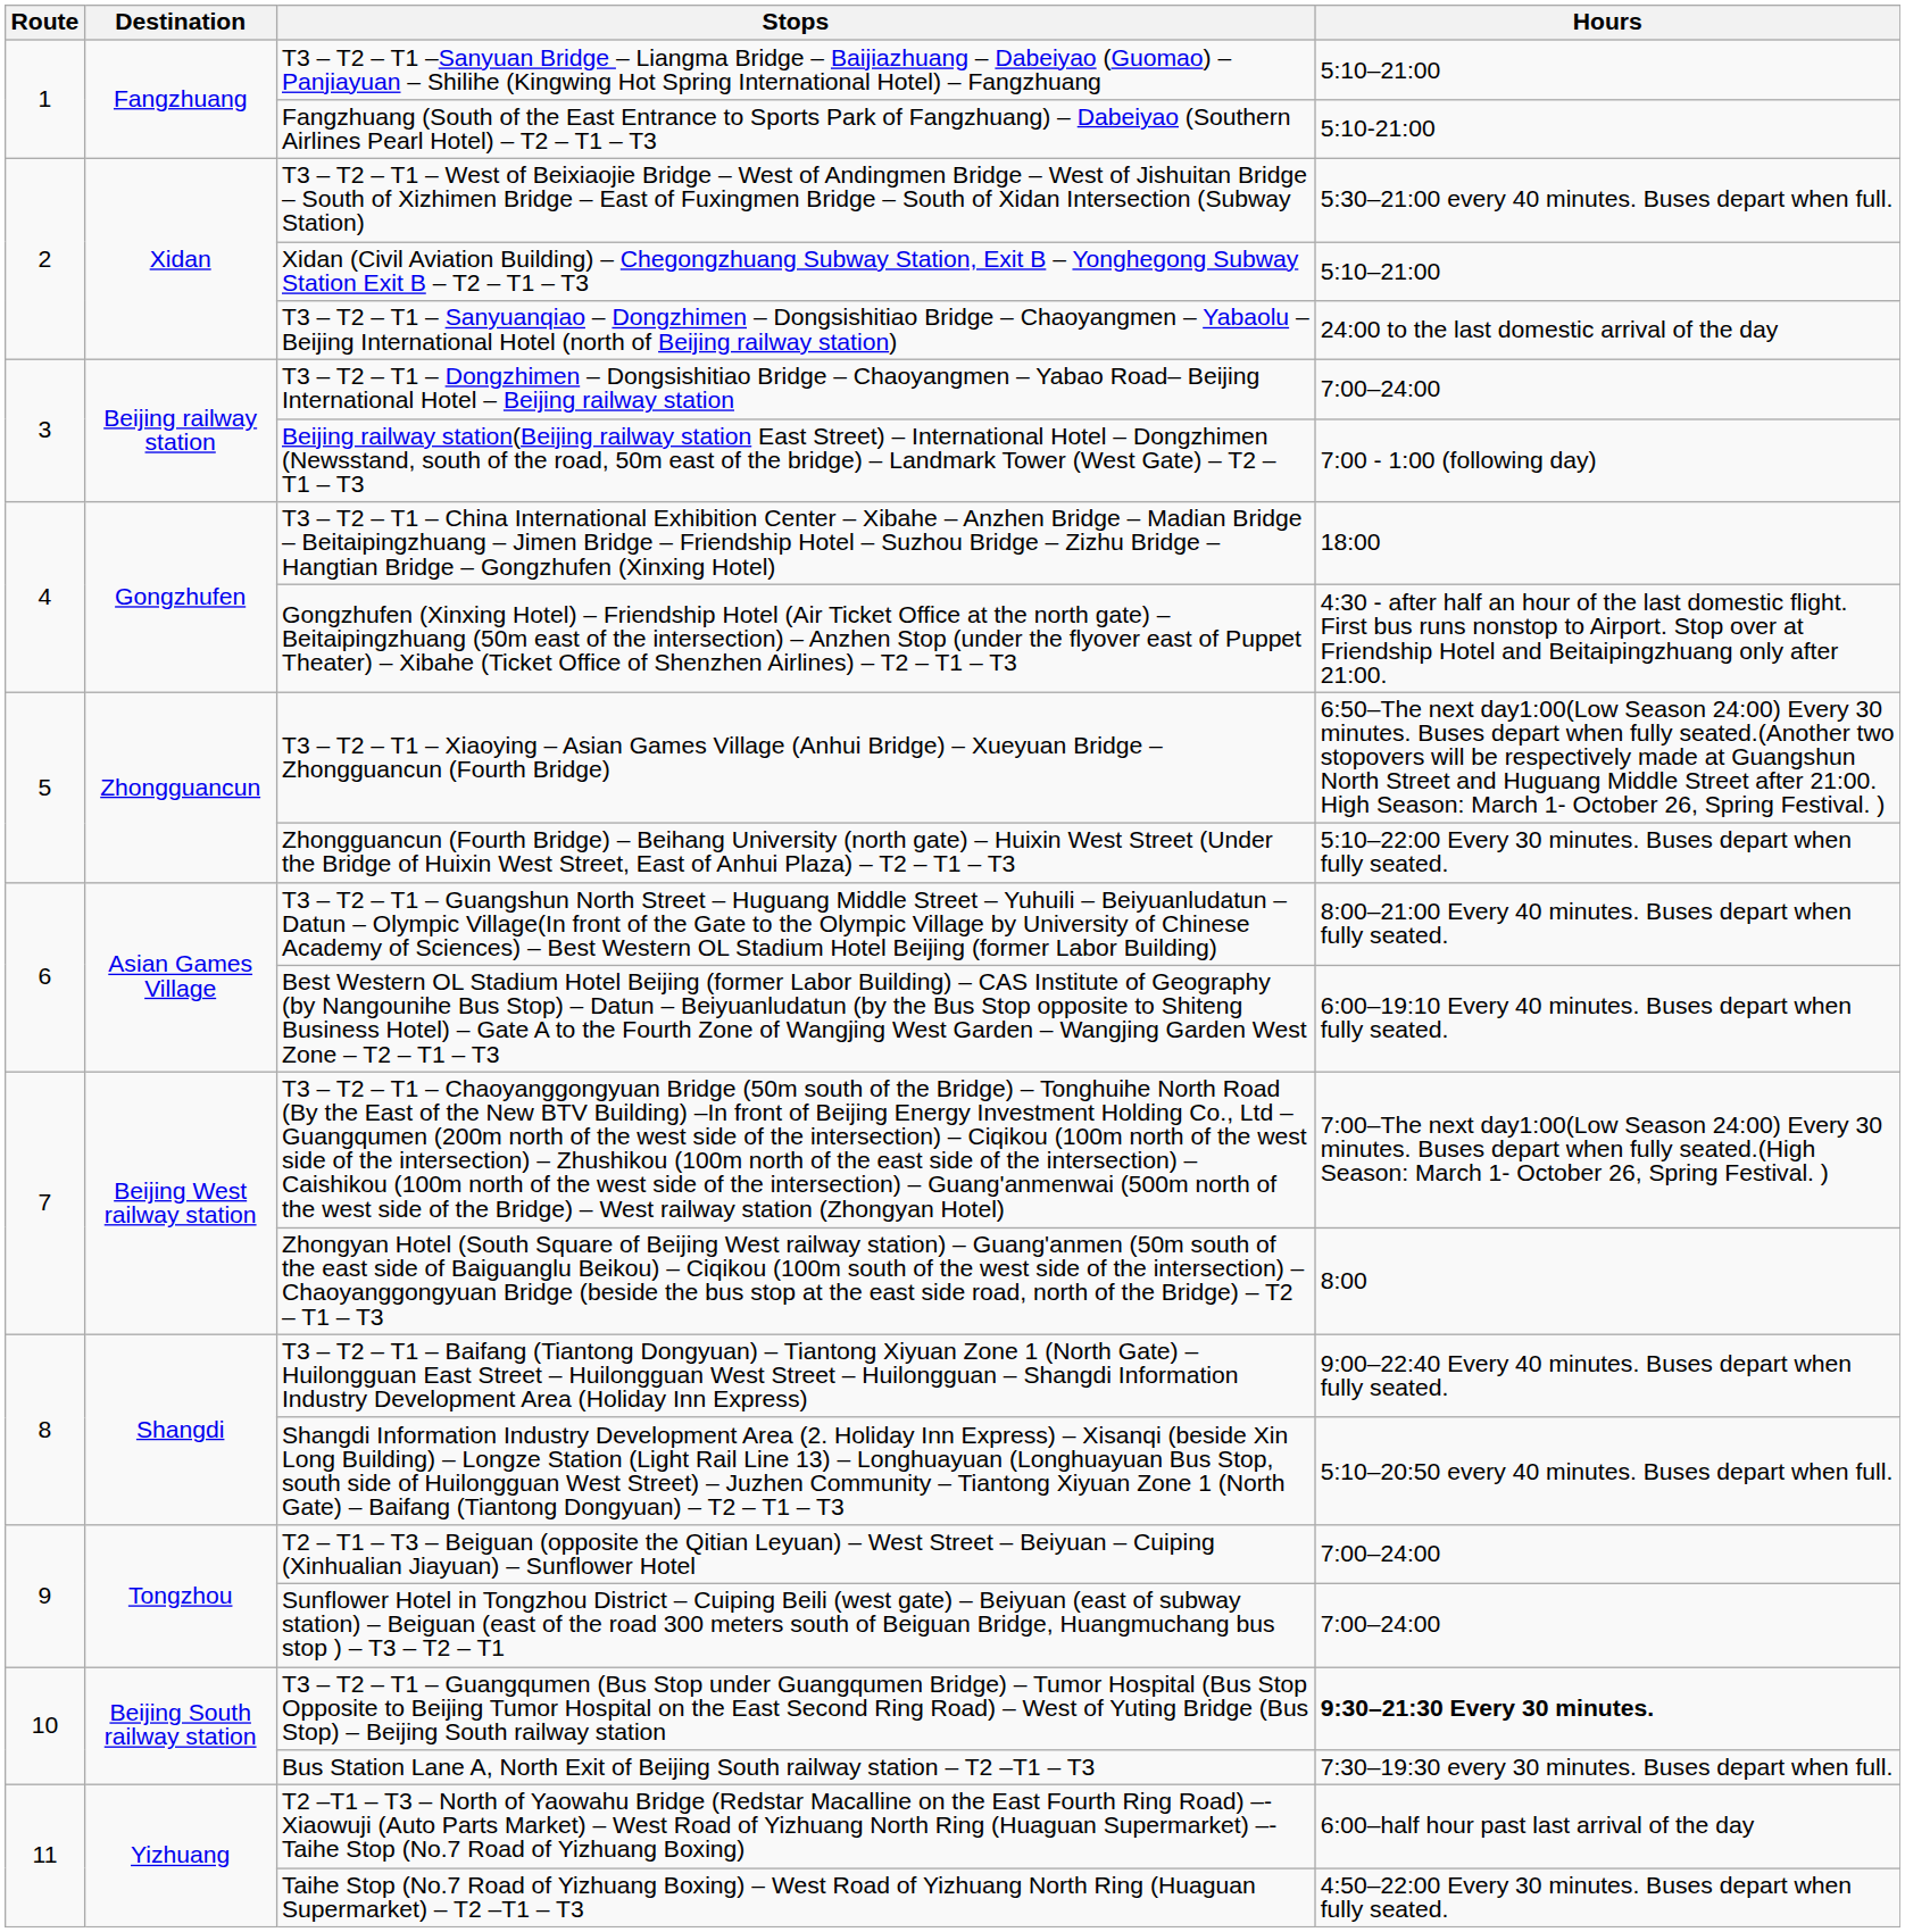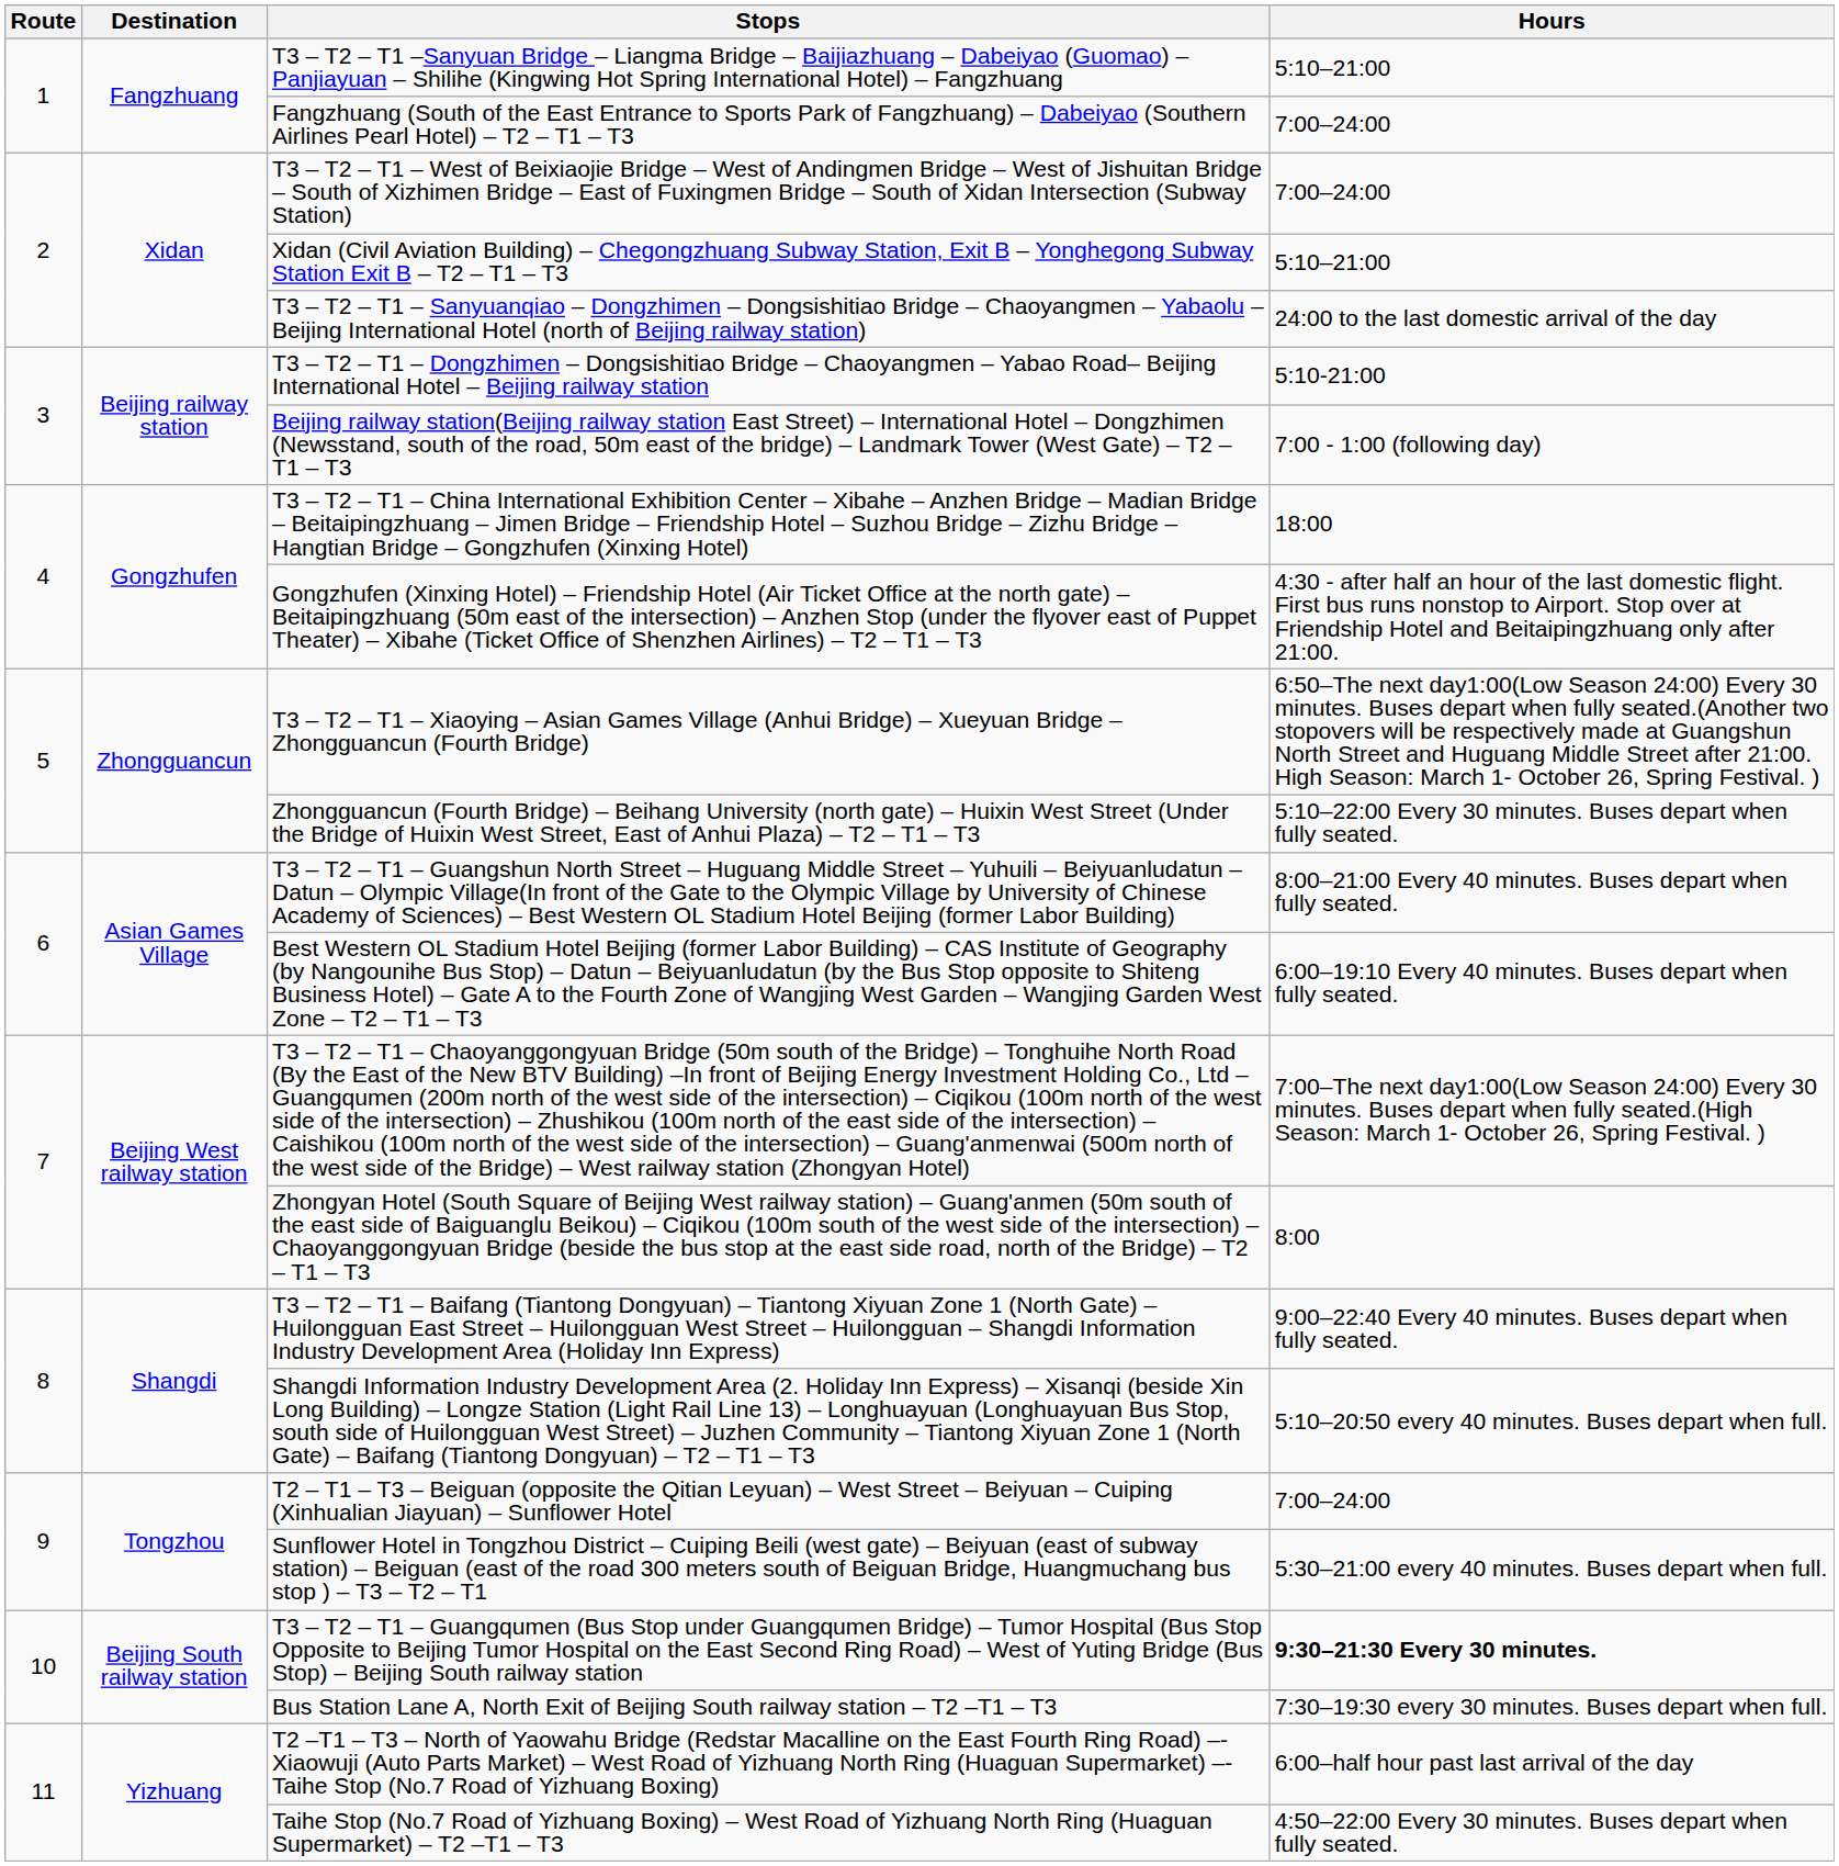 <table class ="wikitable" width="100%" style="line-height:1">
 <tr>
 <th>Route</th>
 <th>Destination</th>
 <th>Stops</th>
 <th>Hours</th>
 </tr>
 <tr>
 <td style="text-align:center;" rowspan="2">1</td>
 <td style="text-align:center;" rowspan="2"><a href='#'>Fangzhuang</a></td>
 <td>T3 – T2 – T1 –<a href='#'>Sanyuan Bridge </a>– Liangma Bridge – <a href='#'>Baijiazhuang</a> – <a href='#'>Dabeiyao</a> (<a href='#'>Guomao</a>) – <a href='#'>Panjiayuan</a> – Shilihe (Kingwing Hot Spring International Hotel) – Fangzhuang</td>
 <td>5:10–21:00</td>
 </tr>
 <tr>
 <td>Fangzhuang (South of the East Entrance to Sports Park of Fangzhuang) – <a href='#'>Dabeiyao</a> (Southern Airlines Pearl Hotel) – T2 – T1 – T3</td>
-<td>5:10-21:00</td>
+<td>7:00–24:00</td>
 </tr>
 <tr>
 <td style="text-align:center;" rowspan="3">2</td>
 <td style="text-align:center;" rowspan="3"><a href='#'>Xidan</a></td>
 <td>T3 – T2 – T1 – West of Beixiaojie Bridge – West of Andingmen Bridge – West of Jishuitan Bridge – South of Xizhimen Bridge – East of Fuxingmen Bridge – South of Xidan Intersection (Subway Station)</td>
-<td>5:30–21:00 every 40 minutes. Buses depart when full.</td>
+<td>7:00–24:00</td>
 </tr>
 <tr>
 <td>Xidan (Civil Aviation Building) – <a href='#'>Chegongzhuang Subway Station, Exit B</a> – <a href='#'>Yonghegong Subway Station Exit B</a> – T2 – T1 – T3</td>
 <td>5:10–21:00</td>
 </tr>
 <tr>
 <td>T3 – T2 – T1 – <a href='#'>Sanyuanqiao</a> – <a href='#'>Dongzhimen</a> – Dongsishitiao Bridge – Chaoyangmen – <a href='#'>Yabaolu</a> – Beijing International Hotel (north of <a href='#'>Beijing railway station</a>)</td>
 <td>24:00 to the last domestic arrival of the day</td>
 </tr>
 <tr>
 <td style="text-align:center;" rowspan="2">3</td>
 <td style="text-align:center;" rowspan="2"><a href='#'>Beijing railway station</a></td>
 <td>T3 – T2 – T1 – <a href='#'>Dongzhimen</a> – Dongsishitiao Bridge – Chaoyangmen – Yabao Road– Beijing International Hotel – <a href='#'>Beijing railway station</a></td>
-<td>7:00–24:00</td>
+<td>5:10-21:00</td>
 </tr>
 <tr>
 <td><a href='#'>Beijing railway station</a>(<a href='#'>Beijing railway station</a> East Street) – International Hotel – Dongzhimen (Newsstand, south of the road, 50m east of the bridge) – Landmark Tower (West Gate) – T2 – T1 – T3</td>
 <td>7:00 - 1:00 (following day)</td>
 </tr>
 <tr>
 <td style="text-align:center;" rowspan="2">4</td>
 <td style="text-align:center;" rowspan="2"><a href='#'>Gongzhufen</a></td>
 <td>T3 – T2 – T1 – China International Exhibition Center – Xibahe – Anzhen Bridge – Madian Bridge – Beitaipingzhuang – Jimen Bridge – Friendship Hotel – Suzhou Bridge – Zizhu Bridge – Hangtian Bridge – Gongzhufen (Xinxing Hotel)</td>
 <td>18:00</td>
 </tr>
 <tr>
 <td>Gongzhufen (Xinxing Hotel) – Friendship Hotel (Air Ticket Office at the north gate) – Beitaipingzhuang (50m east of the intersection) – Anzhen Stop (under the flyover east of Puppet Theater) – Xibahe (Ticket Office of Shenzhen Airlines) – T2 – T1 – T3</td>
 <td>4:30 - after half an hour of the last domestic flight. First bus runs nonstop to Airport. Stop over at Friendship Hotel and Beitaipingzhuang only after 21:00.</td>
 </tr>
 <tr>
 <td style="text-align:center;" rowspan="2">5</td>
 <td style="text-align:center;" rowspan="2"><a href='#'>Zhongguancun</a></td>
 <td>T3 – T2 – T1 – Xiaoying – Asian Games Village (Anhui Bridge) – Xueyuan Bridge – Zhongguancun (Fourth Bridge)</td>
 <td>6:50–The next day1:00(Low Season 24:00) Every 30 minutes. Buses depart when fully seated.(Another two stopovers will be respectively made at Guangshun North Street and Huguang Middle Street after 21:00. High Season: March 1- October 26, Spring Festival. )</td>
 </tr>
 <tr>
 <td>Zhongguancun (Fourth Bridge) – Beihang University (north gate) – Huixin West Street (Under the Bridge of Huixin West Street, East of Anhui Plaza) – T2 – T1 – T3</td>
 <td>5:10–22:00 Every 30 minutes. Buses depart when fully seated.</td>
 </tr>
 <tr>
 <td style="text-align:center;" rowspan="2">6</td>
 <td style="text-align:center;" rowspan="2"><a href='#'>Asian Games Village</a></td>
 <td>T3 – T2 – T1 – Guangshun North Street – Huguang Middle Street – Yuhuili – Beiyuanludatun – Datun – Olympic Village(In front of the Gate to the Olympic Village by University of Chinese Academy of Sciences) – Best Western OL Stadium Hotel Beijing (former Labor Building)</td>
 <td>8:00–21:00 Every 40 minutes. Buses depart when fully seated.</td>
 </tr>
 <tr>
 <td>Best Western OL Stadium Hotel Beijing (former Labor Building) – CAS Institute of Geography (by Nangounihe Bus Stop) – Datun – Beiyuanludatun (by the Bus Stop opposite to Shiteng Business Hotel) – Gate A to the Fourth Zone of Wangjing West Garden – Wangjing Garden West Zone – T2 – T1 – T3</td>
 <td>6:00–19:10 Every 40 minutes. Buses depart when fully seated.</td>
 </tr>
 <tr>
 <td style="text-align:center;" rowspan="2">7</td>
 <td style="text-align:center;" rowspan="2"><a href='#'>Beijing West railway station</a></td>
 <td>T3 – T2 – T1 – Chaoyanggongyuan Bridge (50m south of the Bridge) – Tonghuihe North Road (By the East of the New BTV Building) –In front of Beijing Energy Investment Holding Co., Ltd – Guangqumen (200m north of the west side of the intersection) – Ciqikou (100m north of the west side of the intersection) – Zhushikou (100m north of the east side of the intersection) – Caishikou (100m north of the west side of the intersection) – Guang'anmenwai (500m north of the west side of the Bridge) – West railway station (Zhongyan Hotel)</td>
 <td>7:00–The next day1:00(Low Season 24:00) Every 30 minutes. Buses depart when fully seated.(High Season: March 1- October 26, Spring Festival. )</td>
 </tr>
 <tr>
 <td>Zhongyan Hotel (South Square of Beijing West railway station) – Guang'anmen (50m south of the east side of Baiguanglu Beikou) – Ciqikou (100m south of the west side of the intersection) – Chaoyanggongyuan Bridge (beside the bus stop at the east side road, north of the Bridge) – T2 – T1 – T3</td>
 <td>8:00</td>
 </tr>
 <tr>
 <td style="text-align:center;" rowspan="2">8</td>
 <td style="text-align:center;" rowspan="2"><a href='#'>Shangdi</a></td>
 <td>T3 – T2 – T1 – Baifang (Tiantong Dongyuan) – Tiantong Xiyuan Zone 1 (North Gate) – Huilongguan East Street – Huilongguan West Street – Huilongguan – Shangdi Information Industry Development Area (Holiday Inn Express)</td>
 <td>9:00–22:40 Every 40 minutes. Buses depart when fully seated.</td>
 </tr>
 <tr>
 <td>Shangdi Information Industry Development Area (2. Holiday Inn Express) – Xisanqi (beside Xin Long Building) – Longze Station (Light Rail Line 13) – Longhuayuan (Longhuayuan Bus Stop, south side of Huilongguan West Street) – Juzhen Community – Tiantong Xiyuan Zone 1 (North Gate) – Baifang (Tiantong Dongyuan) – T2 – T1 – T3</td>
 <td>5:10–20:50 every 40 minutes. Buses depart when full.</td>
 </tr>
 <tr>
 <td style="text-align:center;" rowspan="2">9</td>
 <td style="text-align:center;" rowspan="2"><a href='#'>Tongzhou</a></td>
 <td>T2 – T1 – T3 – Beiguan (opposite the Qitian Leyuan) – West Street – Beiyuan – Cuiping (Xinhualian Jiayuan) – Sunflower Hotel</td>
 <td>7:00–24:00</td>
 </tr>
 <tr>
 <td>Sunflower Hotel in Tongzhou District – Cuiping Beili (west gate) – Beiyuan (east of subway station) – Beiguan (east of the road 300 meters south of Beiguan Bridge, Huangmuchang bus stop ) – T3 – T2 – T1</td>
-<td>7:00–24:00</td>
+<td>5:30–21:00 every 40 minutes. Buses depart when full.</td>
 </tr>
 <tr>
 <td style="text-align:center;" rowspan="2">10</td>
 <td style="text-align:center;" rowspan="2"><a href='#'>Beijing South railway station</a></td>
 <td>T3 – T2 – T1 – Guangqumen (Bus Stop under Guangqumen Bridge) – Tumor Hospital (Bus Stop Opposite to Beijing Tumor Hospital on the East Second Ring Road) – West of Yuting Bridge (Bus Stop) – Beijing South railway station</td>
 <td><strong>9:30–21:30 Every 30 minutes.</strong></td>
 </tr>
 <tr>
 <td>Bus Station Lane A, North Exit of Beijing South railway station – T2 –T1 – T3</td>
 <td>7:30–19:30 every 30 minutes. Buses depart when full.</td>
 </tr>
 <tr>
 <td style="text-align:center;" rowspan="2">11</td>
 <td style="text-align:center;" rowspan="2"><a href='#'>Yizhuang</a></td>
 <td>T2 –T1 – T3 – North of Yaowahu Bridge (Redstar Macalline on the East Fourth Ring Road) –- Xiaowuji (Auto Parts Market) – West Road of Yizhuang North Ring (Huaguan Supermarket) –- Taihe Stop (No.7 Road of Yizhuang Boxing)</td>
 <td>6:00–half hour past last arrival of the day</td>
 </tr>
 <tr>
 <td>Taihe Stop (No.7 Road of Yizhuang Boxing) – West Road of Yizhuang North Ring (Huaguan Supermarket) – T2 –T1 – T3</td>
 <td>4:50–22:00 Every 30 minutes. Buses depart when fully seated.</td>
 </tr>
 </table>
